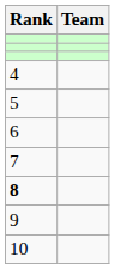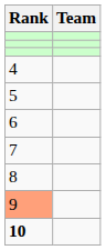 <table class="wikitable">
 <tr>
 <th>Rank</th>
 <th>Team</th>
 </tr>
 <tr bgcolor="#ccffcc">
 <td></td>
 <td></td>
 </tr>
 <tr bgcolor="#ccffcc">
 <td></td>
 <td></td>
 </tr>
 <tr bgcolor="#ccffcc">
 <td></td>
 <td></td>
 </tr>
 <tr>
 <td>4</td>
 <td></td>
 </tr>
 <tr>
 <td>5</td>
 <td></td>
 </tr>
 <tr>
 <td>6</td>
 <td></td>
 </tr>
 <tr>
 <td>7</td>
 <td></td>
 </tr>
 <tr>
-<td><strong>8</strong></td>
+<td>8</td>
 <td></td>
 </tr>
 <tr>
-<td>9</td>
+<td style="background: lightsalmon;">9</td>
 <td></td>
 </tr>
 <tr>
-<td>10</td>
+<td><strong>10</strong></td>
 <td></td>
 </tr>
 </table>
